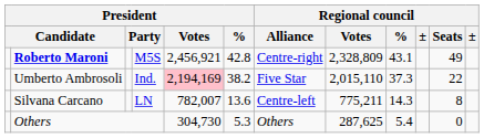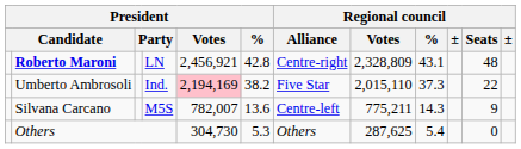 <table class="wikitable" style="text-align:right">
 <tr>
 <th colspan="6">President</th>
 <th colspan="6">Regional council</th>
 </tr>
 <tr>
 <th colspan="2">Candidate</th>
 <th colspan="2">Party</th>
 <th>Votes</th>
 <th>%</th>
 <th>Alliance</th>
 <th>Votes</th>
 <th>%</th>
 <th>±</th>
 <th>Seats</th>
 <th>±</th>
 </tr>
 <tr>
 <td></td>
 <td style="text-align:left"><strong><a href='#'>Roberto Maroni</a></strong></td>
 <td></td>
-<td style="text-align:left"><a href='#'>M5S</a></td>
+<td style="text-align:left"><a href='#'>LN</a></td>
 <td>2,456,921</td>
 <td>42.8</td>
 <td style="text-align:left"><a href='#'>Centre-right</a></td>
 <td>2,328,809</td>
 <td>43.1</td>
 <td></td>
-<td>49</td>
+<td>48</td>
 <td></td>
 </tr>
 <tr>
 <td></td>
 <td style="text-align:left">Umberto Ambrosoli</td>
 <td></td>
 <td style="text-align:left"><a href='#'>Ind.</a></td>
 <td style="background: pink;">2,194,169</td>
 <td>38.2</td>
 <td style="text-align:left"><a href='#'>Five Star</a></td>
 <td>2,015,110</td>
 <td>37.3</td>
 <td></td>
 <td>22</td>
 <td></td>
 </tr>
 <tr>
 <td></td>
 <td style="text-align:left">Silvana Carcano</td>
 <td></td>
-<td style="text-align:left"><a href='#'>LN</a></td>
+<td style="text-align:left"><a href='#'>M5S</a></td>
 <td>782,007</td>
 <td>13.6</td>
 <td style="text-align:left"><a href='#'>Centre-left</a></td>
 <td>775,211</td>
 <td>14.3</td>
 <td></td>
-<td>8</td>
+<td>9</td>
 <td></td>
 </tr>
 <tr>
 <td></td>
 <td colspan="3" style="text-align:left"><em>Others</em></td>
 <td>304,730</td>
 <td>5.3</td>
 <td style="text-align:left"><em>Others</em></td>
 <td>287,625</td>
 <td>5.4</td>
 <td></td>
 <td>0</td>
 <td></td>
 </tr>
 </table>
